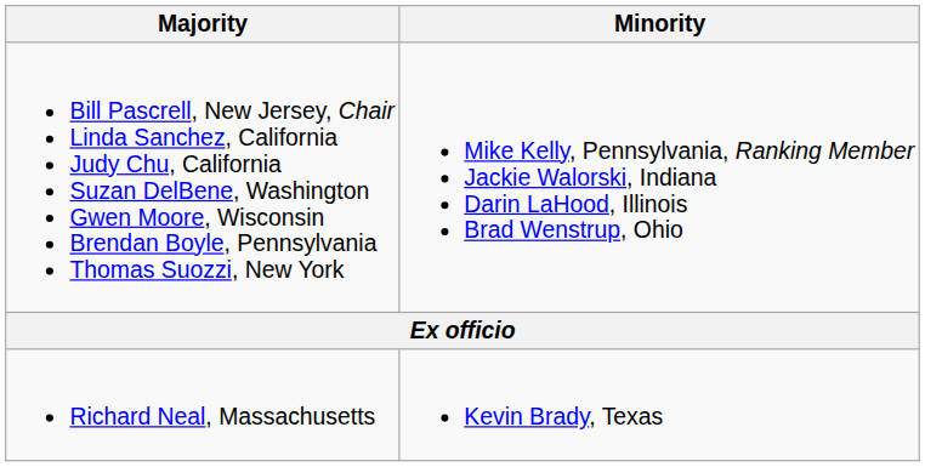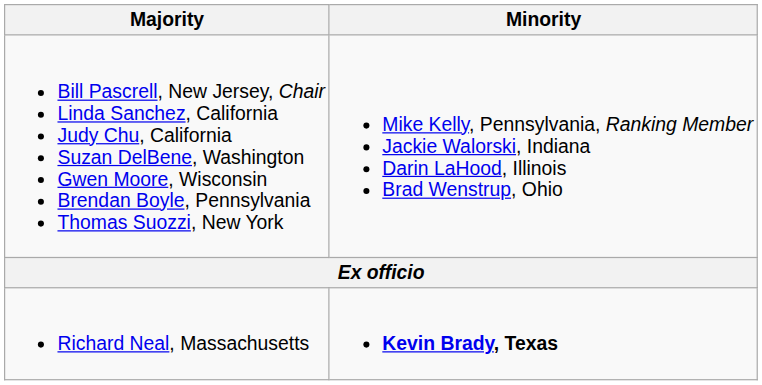 <table class=wikitable>
 <tr>
 <th>Majority</th>
 <th>Minority</th>
 </tr>
 <tr>
 <td><br><ul><li><a href='#'>Bill Pascrell</a>, New Jersey, <em>Chair</em></li><li><a href='#'>Linda Sanchez</a>, California</li><li><a href='#'>Judy Chu</a>, California</li><li><a href='#'>Suzan DelBene</a>, Washington</li><li><a href='#'>Gwen Moore</a>, Wisconsin</li><li><a href='#'>Brendan Boyle</a>, Pennsylvania</li><li><a href='#'>Thomas Suozzi</a>, New York</li></ul></td>
 <td><br><ul><li><a href='#'>Mike Kelly</a>, Pennsylvania, <em>Ranking Member</em></li><li><a href='#'>Jackie Walorski</a>, Indiana</li><li><a href='#'>Darin LaHood</a>, Illinois</li><li><a href='#'>Brad Wenstrup</a>, Ohio</li></ul></td>
 </tr>
 <tr>
 <th colspan=2><em>Ex officio</em></th>
 </tr>
 <tr>
 <td><br><ul><li><a href='#'>Richard Neal</a>, Massachusetts</li></ul></td>
-<td><br><ul><li><a href='#'>Kevin Brady</a>, Texas</li></ul></td>
+<td><strong><br><ul><li><a href='#'>Kevin Brady</a>, Texas</li></ul></strong></td>
 </tr>
 </table>
